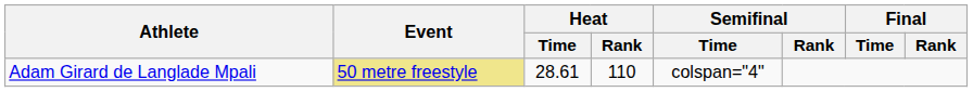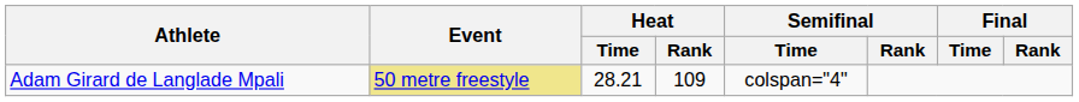 <table class="wikitable" style="text-align:center; font-size:90%; width:50%;">
 <tr>
 <th rowspan="2">Athlete</th>
 <th rowspan="2">Event</th>
 <th colspan="2">Heat</th>
 <th colspan="2">Semifinal</th>
 <th colspan="2">Final</th>
 </tr>
 <tr style="font-size:95%">
 <th>Time</th>
 <th>Rank</th>
 <th>Time</th>
 <th>Rank</th>
 <th>Time</th>
 <th>Rank</th>
 </tr>
 <tr align=center>
 <td align=left><a href='#'>Adam Girard de Langlade Mpali</a></td>
 <td align=left style="background: khaki;"><a href='#'>50 metre freestyle</a></td>
-<td>28.61</td>
-<td>110</td>
+<td>28.21</td>
+<td>109</td>
 <td>colspan="4"  </td>
 </tr>
 </table>
